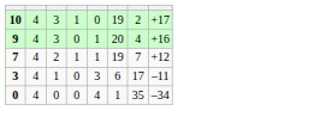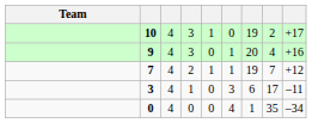 <table class=wikitable style="text-align:center">
 <tr>
+<th width="175">Team</th>
 <th width="20"></th>
 <th width="20"></th>
 <th width="20"></th>
 <th width="20"></th>
 <th width="20"></th>
 <th width="20"></th>
 <th width="20"></th>
 <th width="20"></th>
 </tr>
 <tr bgcolor="#ccffcc">
+<td style="text-align:left;"></td>
 <td><strong>10</strong></td>
 <td>4</td>
 <td>3</td>
 <td>1</td>
 <td>0</td>
 <td>19</td>
 <td>2</td>
 <td>+17</td>
 </tr>
 <tr bgcolor="#ccffcc">
+<td style="text-align:left;"></td>
 <td><strong>9</strong></td>
 <td>4</td>
 <td>3</td>
 <td>0</td>
 <td>1</td>
 <td>20</td>
 <td>4</td>
 <td>+16</td>
 </tr>
 <tr>
+<td style="text-align:left;"></td>
 <td><strong>7</strong></td>
 <td>4</td>
 <td>2</td>
 <td>1</td>
 <td>1</td>
 <td>19</td>
 <td>7</td>
 <td>+12</td>
 </tr>
 <tr>
+<td style="text-align:left;"></td>
 <td><strong>3</strong></td>
 <td>4</td>
 <td>1</td>
 <td>0</td>
 <td>3</td>
 <td>6</td>
 <td>17</td>
 <td>–11</td>
 </tr>
 <tr>
+<td style="text-align:left;"></td>
 <td><strong>0</strong></td>
 <td>4</td>
 <td>0</td>
 <td>0</td>
 <td>4</td>
 <td>1</td>
 <td>35</td>
 <td>–34</td>
 </tr>
 </table>
